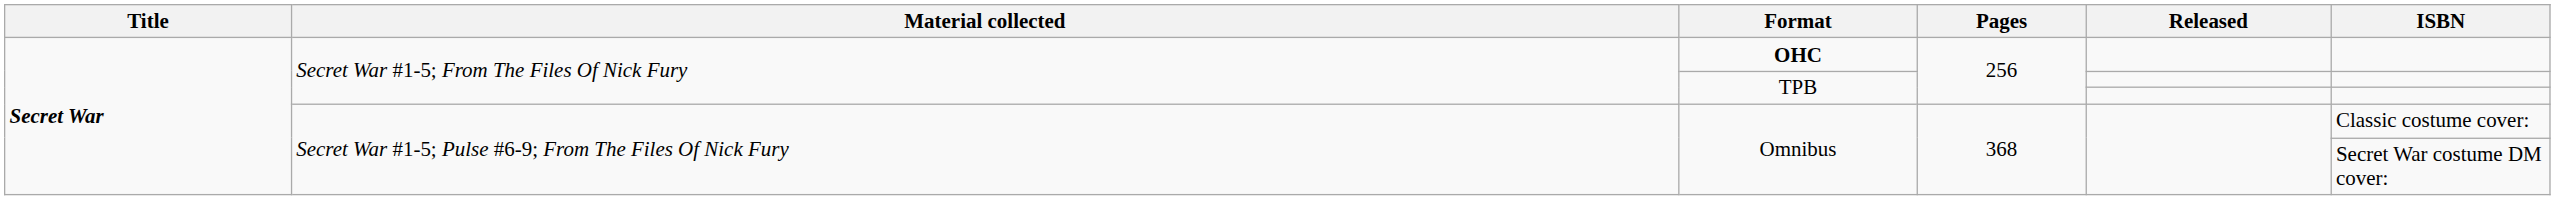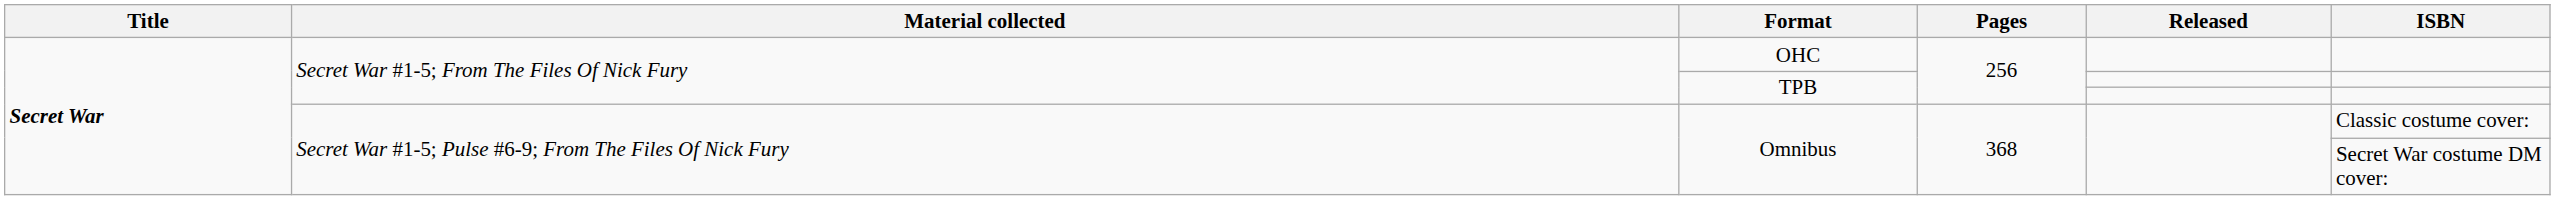 <table class="wikitable sortable" width=98%>
 <tr>
 <th>Title</th>
 <th>Material collected</th>
 <th class="unsortable">Format</th>
 <th>Pages</th>
 <th>Released</th>
 <th class="unsortable" style="width: 10em;">ISBN</th>
 </tr>
 <tr>
 <td rowspan=5><strong><em>Secret War</em></strong></td>
 <td rowspan=3><em>Secret War</em> #1-5; <em>From The Files Of Nick Fury</em></td>
-<td style="text-align: center;"><strong>OHC</strong></td>
+<td style="text-align: center;">OHC</td>
 <td style="text-align: center;" rowspan=3>256</td>
 <td style="text-align: center;"></td>
 <td></td>
 </tr>
 <tr>
 <td rowspan=2 style="text-align: center;">TPB</td>
 <td style="text-align: center;"></td>
 <td></td>
 </tr>
 <tr>
 <td style="text-align: center;"></td>
 <td></td>
 </tr>
 <tr>
 <td rowspan=2><em>Secret War</em> #1-5; <em> Pulse</em> #6-9; <em>From The Files Of Nick Fury</em></td>
 <td rowspan=2 style="text-align: center;">Omnibus</td>
 <td style="text-align: center;" rowspan=2>368</td>
 <td rowspan=2 style="text-align: center;"></td>
 <td>Classic costume cover: </td>
 </tr>
 <tr>
 <td>Secret War costume DM cover: </td>
 </tr>
 </table>
